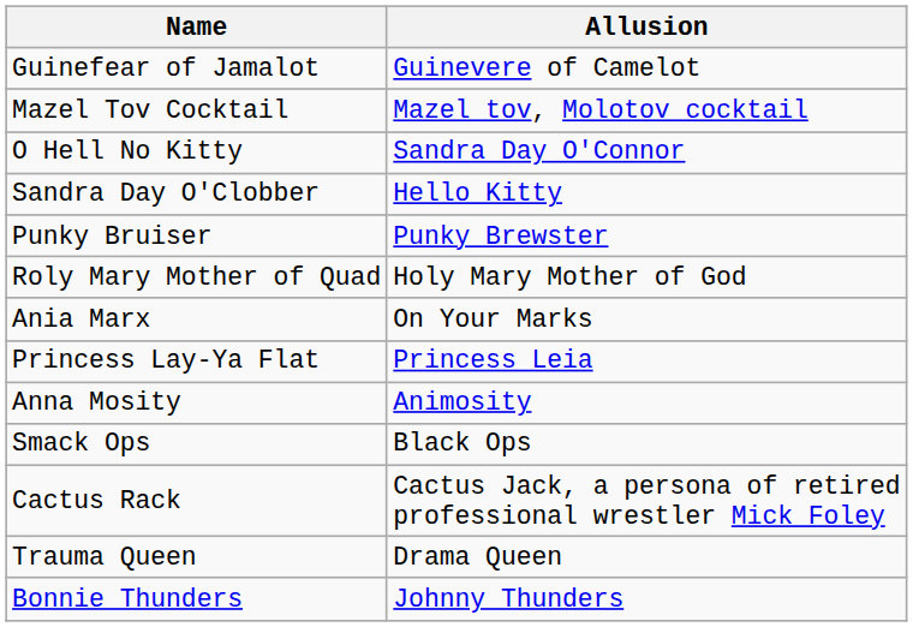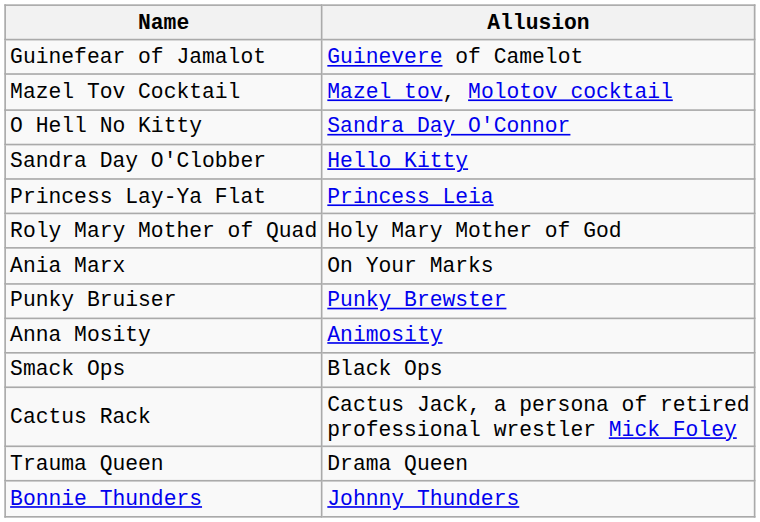 <table style="margin-left:0.5em; XXXpadding-left:22px; float:right;" class="wikitable">
 <tr>
 <th>Name</th>
 <th>Allusion</th>
 </tr>
 <tr>
 <td>Guinefear of Jamalot</td>
 <td><a href='#'>Guinevere</a> of Camelot</td>
 </tr>
 <tr>
 <td>Mazel Tov Cocktail</td>
 <td><a href='#'>Mazel tov</a>, <a href='#'>Molotov cocktail</a></td>
 </tr>
 <tr>
 <td>O Hell No Kitty</td>
 <td><a href='#'>Sandra Day O'Connor</a></td>
 </tr>
 <tr>
 <td>Sandra Day O'Clobber</td>
 <td><a href='#'>Hello Kitty</a></td>
 </tr>
 <tr>
-<td>Punky Bruiser</td>
-<td><a href='#'>Punky Brewster</a></td>
+<td>Princess Lay-Ya Flat</td>
+<td><a href='#'>Princess Leia</a></td>
 </tr>
 <tr>
 <td>Roly Mary Mother of Quad</td>
 <td>Holy Mary Mother of God</td>
 </tr>
 <tr>
 <td>Ania Marx</td>
 <td>On Your Marks</td>
 </tr>
 <tr>
-<td>Princess Lay-Ya Flat</td>
-<td><a href='#'>Princess Leia</a></td>
+<td>Punky Bruiser</td>
+<td><a href='#'>Punky Brewster</a></td>
 </tr>
 <tr>
 <td>Anna Mosity</td>
 <td><a href='#'>Animosity</a></td>
 </tr>
 <tr>
 <td>Smack Ops</td>
 <td>Black Ops</td>
 </tr>
 <tr>
 <td>Cactus Rack</td>
 <td>Cactus Jack, a persona of retired<br>professional wrestler <a href='#'>Mick Foley</a></td>
 </tr>
 <tr>
 <td>Trauma Queen</td>
 <td>Drama Queen</td>
 </tr>
 <tr>
 <td><a href='#'>Bonnie Thunders</a></td>
 <td><a href='#'>Johnny Thunders</a></td>
 </tr>
 </table>
